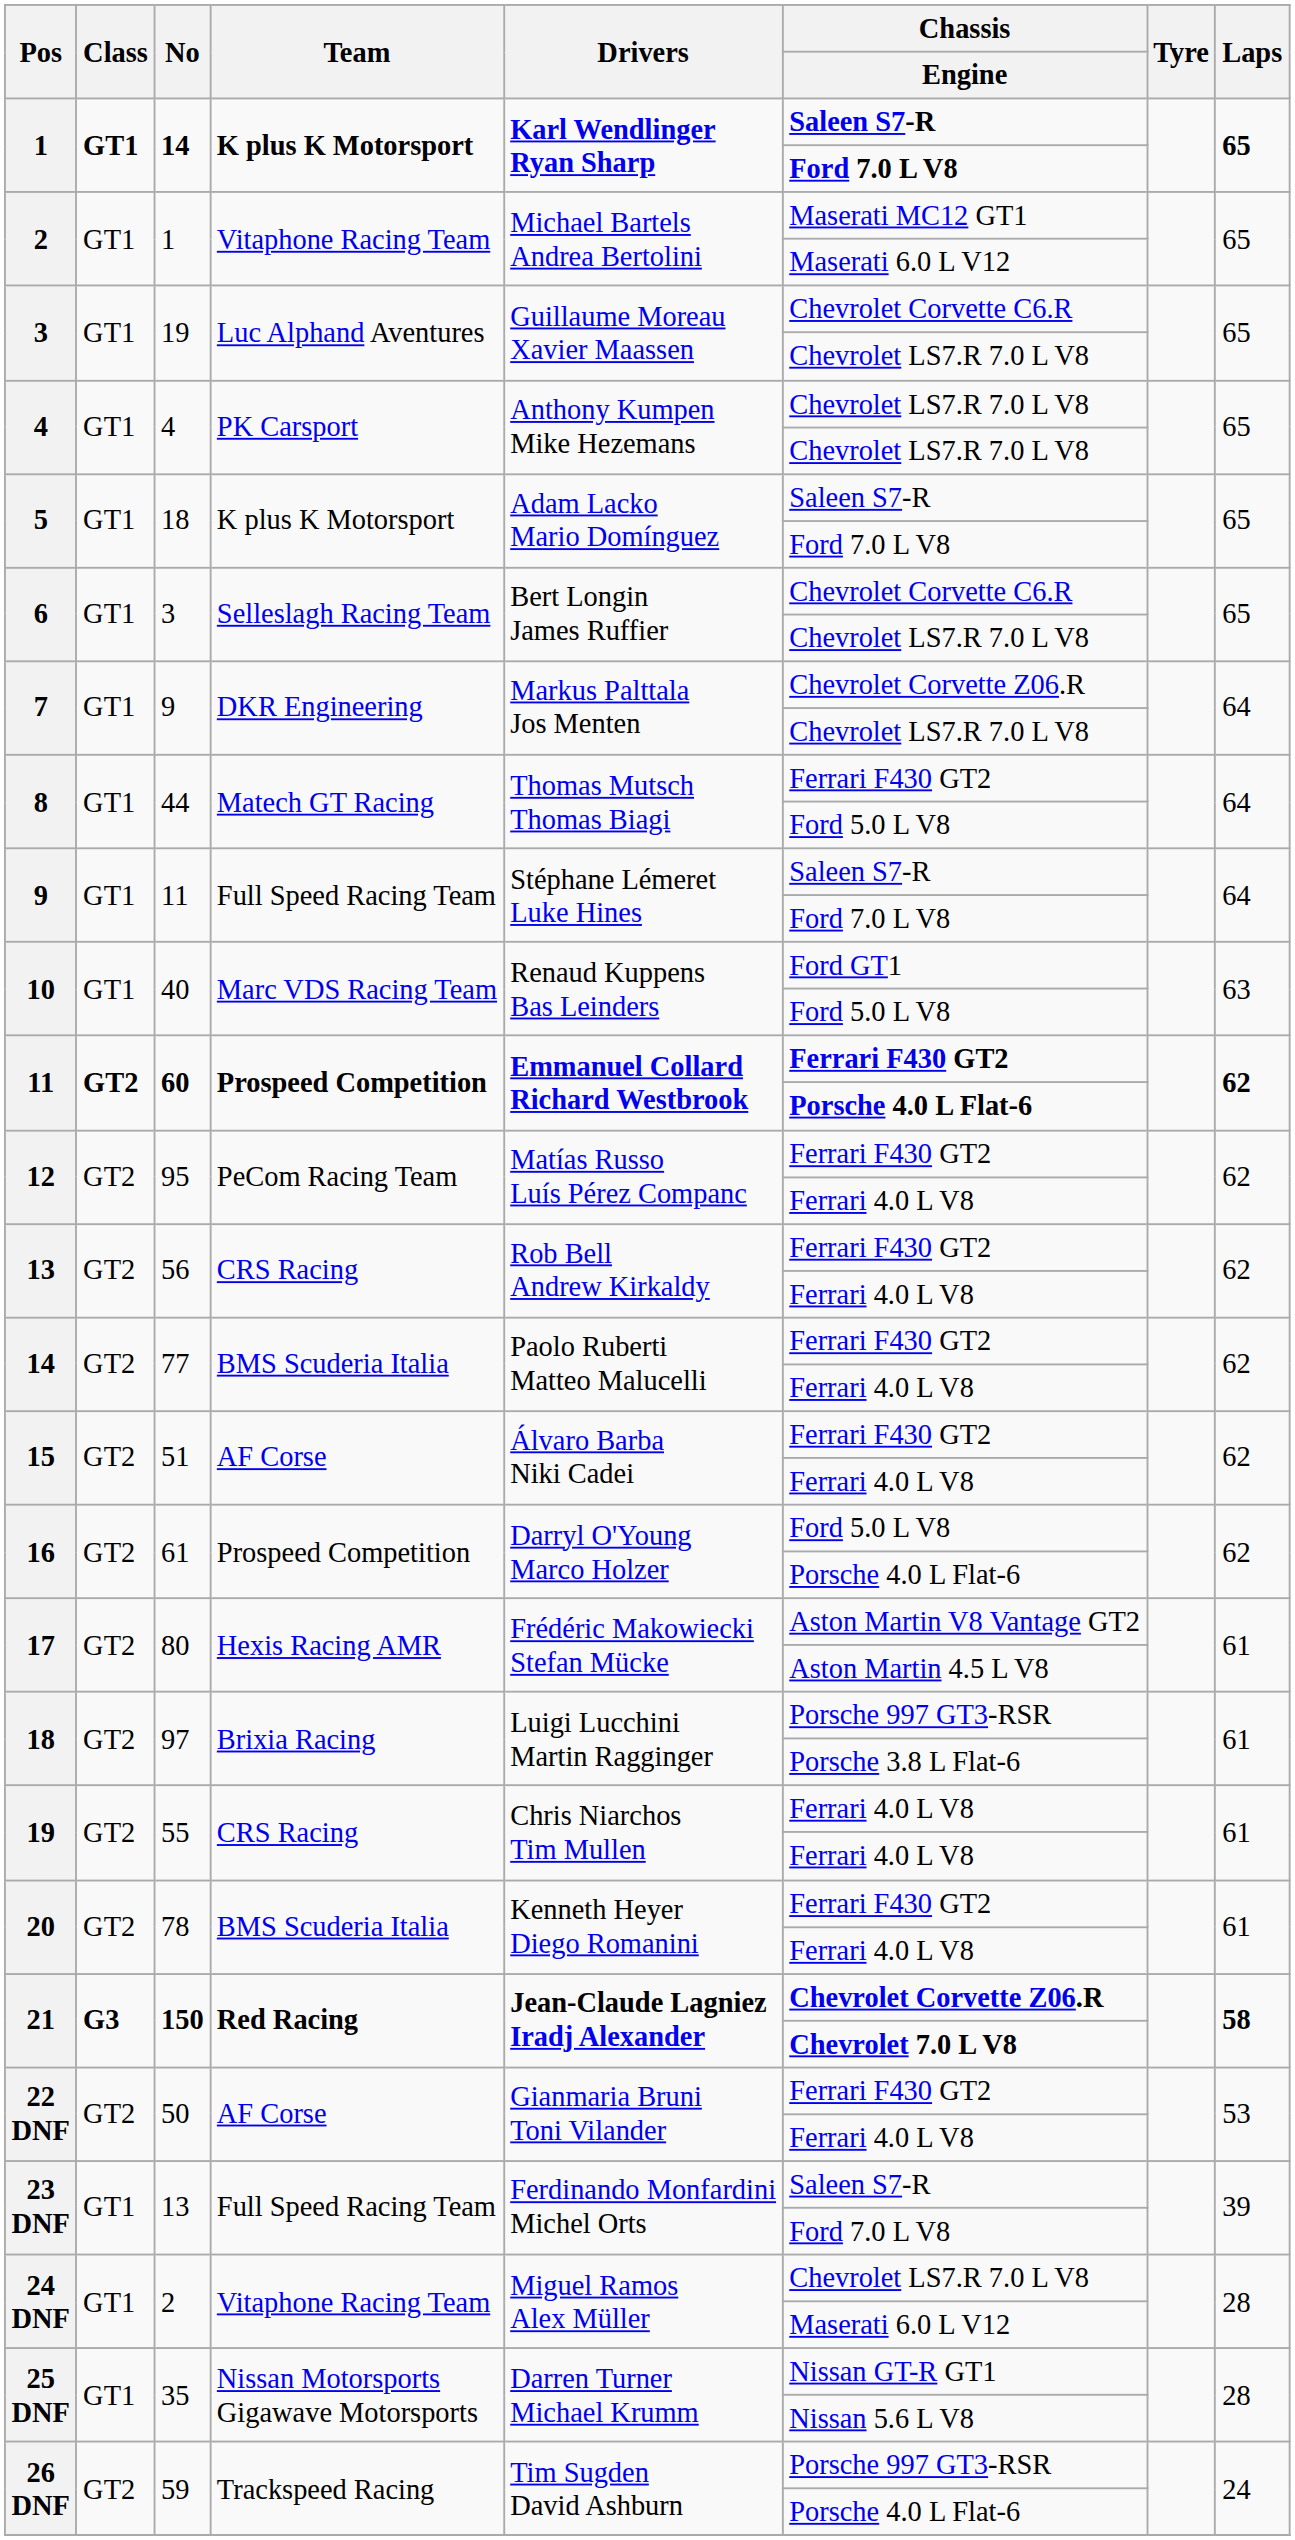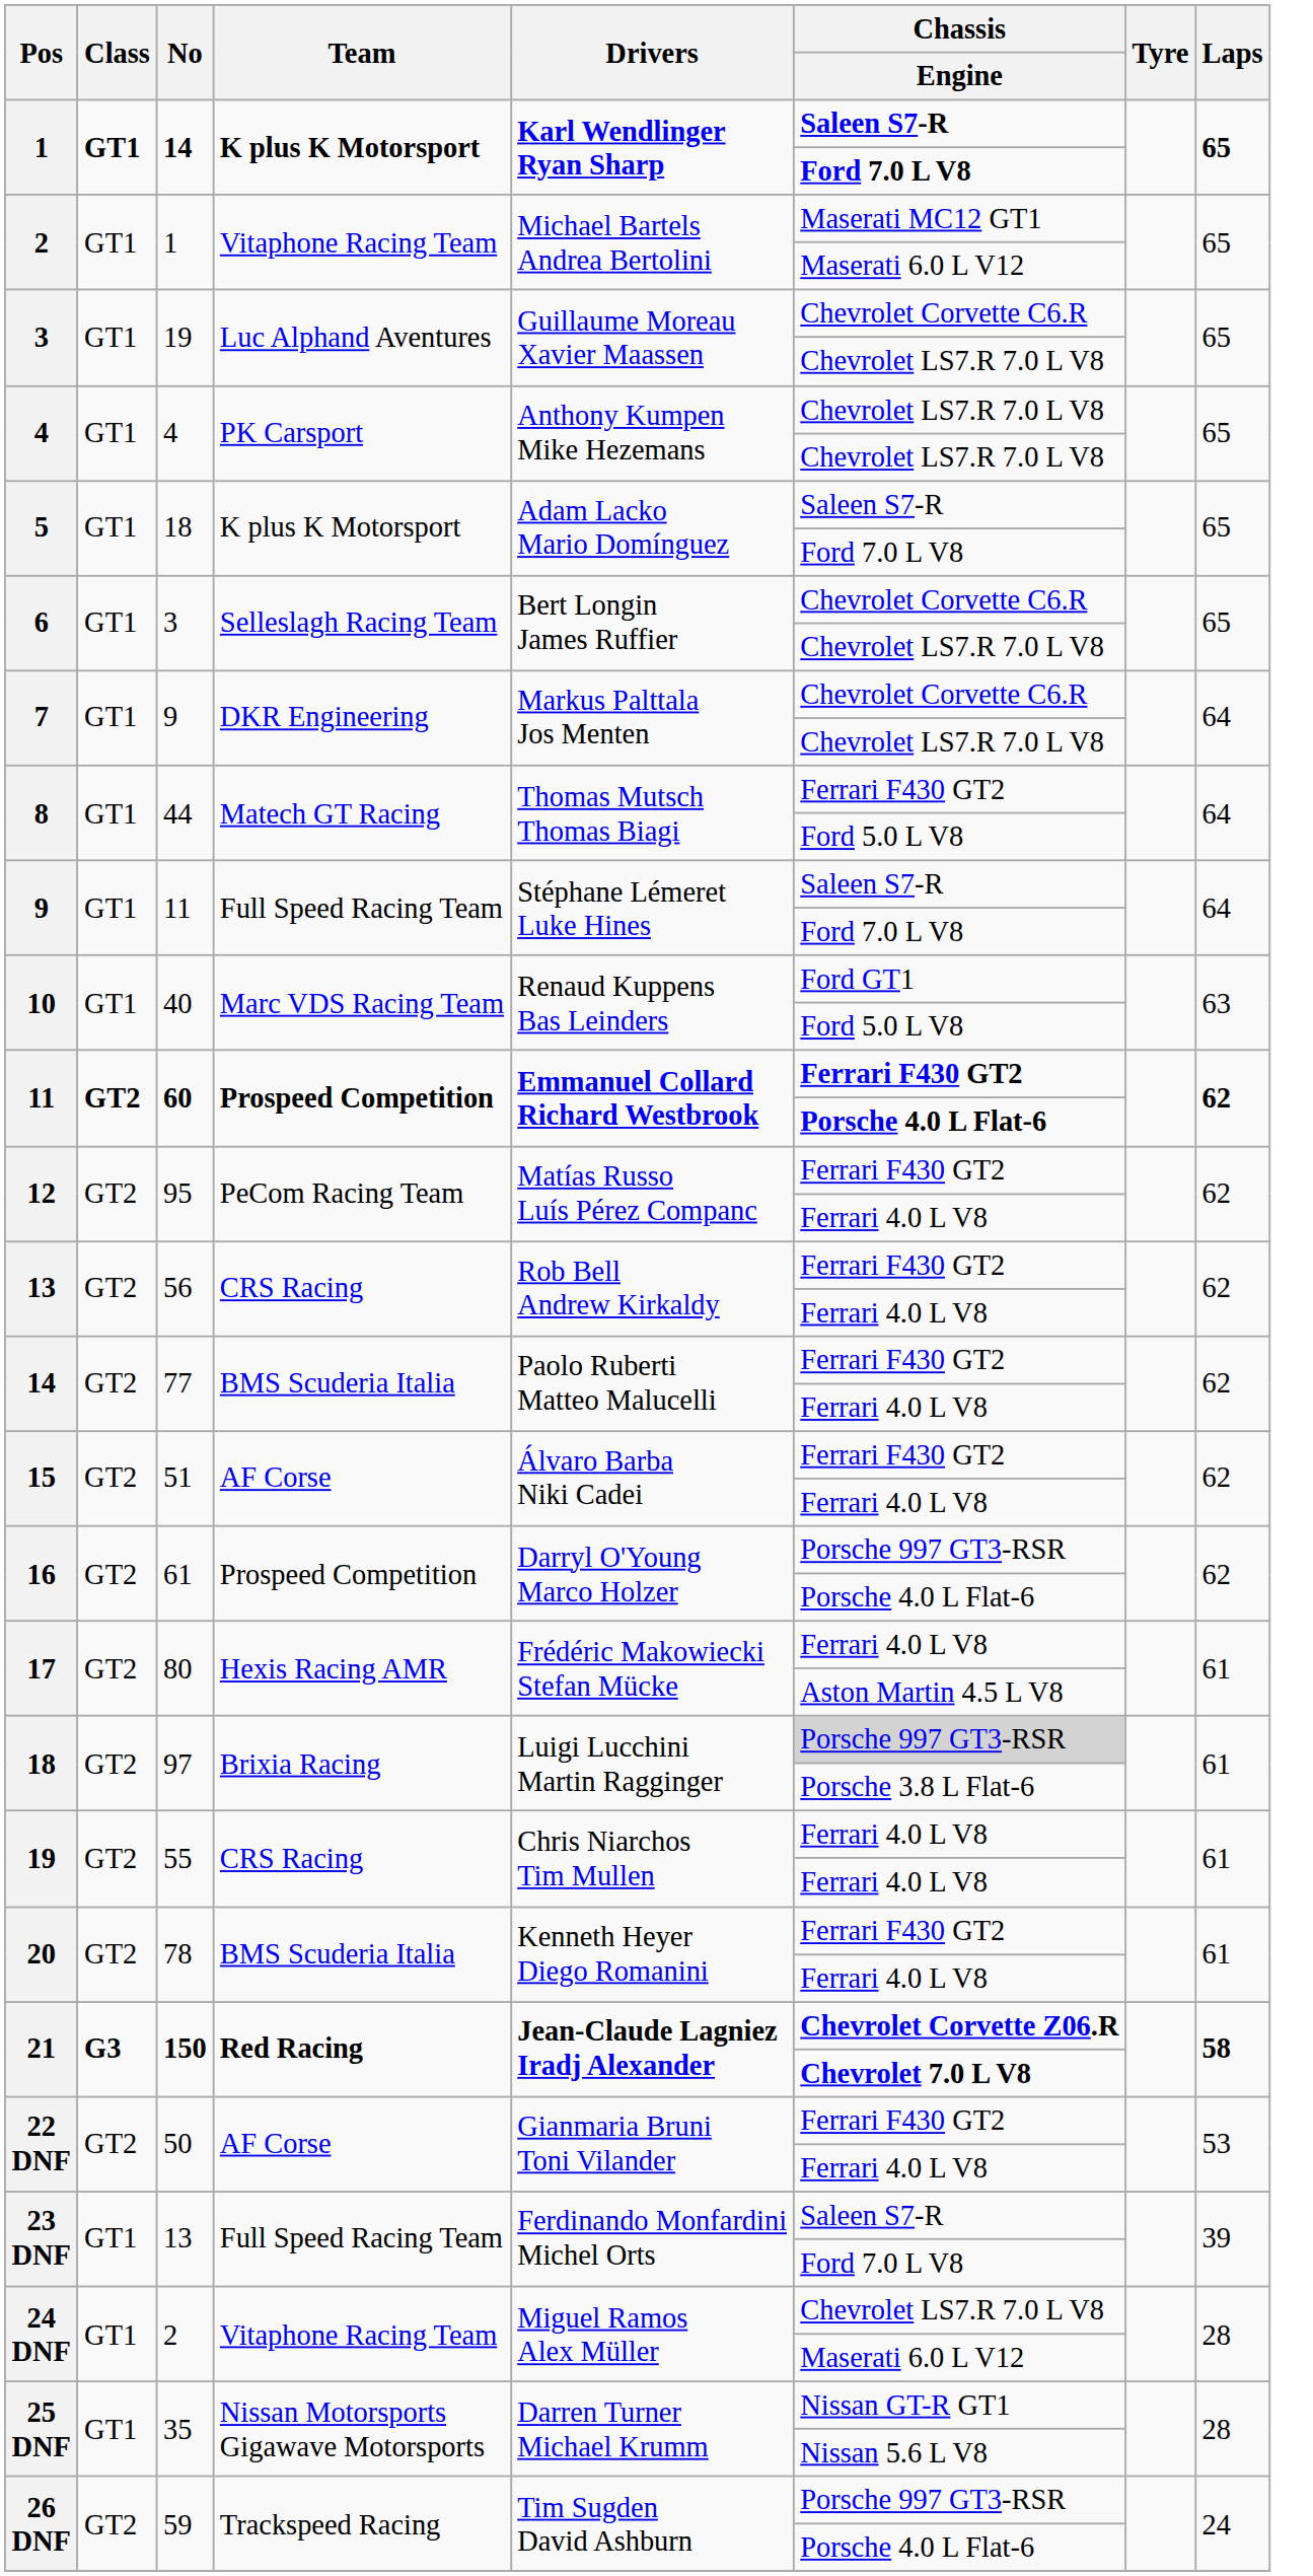 <table class="wikitable" style="font-size: 95%;">
 <tr>
 <th rowspan=2>Pos</th>
 <th rowspan=2>Class</th>
 <th rowspan=2>No</th>
 <th rowspan=2>Team</th>
 <th rowspan=2>Drivers</th>
 <th>Chassis</th>
 <th rowspan=2>Tyre</th>
 <th rowspan=2>Laps</th>
 </tr>
 <tr>
 <th>Engine</th>
 </tr>
 <tr style="font-weight:bold">
 <th rowspan=2>1</th>
 <td rowspan=2>GT1</td>
 <td rowspan=2>14</td>
 <td rowspan=2> K plus K Motorsport</td>
 <td rowspan=2> <a href='#'>Karl Wendlinger</a><br> <a href='#'>Ryan Sharp</a></td>
 <td><a href='#'>Saleen S7</a>-R</td>
 <td rowspan=2></td>
 <td rowspan=2>65</td>
 </tr>
 <tr style="font-weight:bold">
 <td><a href='#'>Ford</a> 7.0 L V8</td>
 </tr>
 <tr>
 <th rowspan=2>2</th>
 <td rowspan=2>GT1</td>
 <td rowspan=2>1</td>
 <td rowspan=2> <a href='#'>Vitaphone Racing Team</a></td>
 <td rowspan=2> <a href='#'>Michael Bartels</a><br> <a href='#'>Andrea Bertolini</a></td>
 <td><a href='#'>Maserati MC12</a> GT1</td>
 <td rowspan=2></td>
 <td rowspan=2>65</td>
 </tr>
 <tr>
 <td><a href='#'>Maserati</a> 6.0 L V12</td>
 </tr>
 <tr>
 <th rowspan=2>3</th>
 <td rowspan=2>GT1</td>
 <td rowspan=2>19</td>
 <td rowspan=2> <a href='#'>Luc Alphand</a> Aventures</td>
 <td rowspan=2> <a href='#'>Guillaume Moreau</a><br> <a href='#'>Xavier Maassen</a></td>
 <td><a href='#'>Chevrolet Corvette C6.R</a></td>
 <td rowspan=2></td>
 <td rowspan=2>65</td>
 </tr>
 <tr>
 <td><a href='#'>Chevrolet</a> LS7.R 7.0 L V8</td>
 </tr>
 <tr>
 <th rowspan=2>4</th>
 <td rowspan=2>GT1</td>
 <td rowspan=2>4</td>
 <td rowspan=2> <a href='#'>PK Carsport</a></td>
 <td rowspan=2> <a href='#'>Anthony Kumpen</a><br> Mike Hezemans</td>
 <td><a href='#'>Chevrolet</a> LS7.R 7.0 L V8</td>
 <td rowspan=2></td>
 <td rowspan=2>65</td>
 </tr>
 <tr>
 <td><a href='#'>Chevrolet</a> LS7.R 7.0 L V8</td>
 </tr>
 <tr>
 <th rowspan=2>5</th>
 <td rowspan=2>GT1</td>
 <td rowspan=2>18</td>
 <td rowspan=2> K plus K Motorsport</td>
 <td rowspan=2> <a href='#'>Adam Lacko</a><br> <a href='#'>Mario Domínguez</a></td>
 <td><a href='#'>Saleen S7</a>-R</td>
 <td rowspan=2></td>
 <td rowspan=2>65</td>
 </tr>
 <tr>
 <td><a href='#'>Ford</a> 7.0 L V8</td>
 </tr>
 <tr>
 <th rowspan=2>6</th>
 <td rowspan=2>GT1</td>
 <td rowspan=2>3</td>
 <td rowspan=2> <a href='#'>Selleslagh Racing Team</a></td>
 <td rowspan=2> Bert Longin<br> James Ruffier</td>
 <td><a href='#'>Chevrolet Corvette C6.R</a></td>
 <td rowspan=2></td>
 <td rowspan=2>65</td>
 </tr>
 <tr>
 <td><a href='#'>Chevrolet</a> LS7.R 7.0 L V8</td>
 </tr>
 <tr>
 <th rowspan=2>7</th>
 <td rowspan=2>GT1</td>
 <td rowspan=2>9</td>
 <td rowspan=2> <a href='#'>DKR Engineering</a></td>
 <td rowspan=2> <a href='#'>Markus Palttala</a><br> Jos Menten</td>
-<td><a href='#'>Chevrolet Corvette Z06</a>.R</td>
+<td><a href='#'>Chevrolet Corvette C6.R</a></td>
 <td rowspan=2></td>
 <td rowspan=2>64</td>
 </tr>
 <tr>
 <td><a href='#'>Chevrolet</a> LS7.R 7.0 L V8</td>
 </tr>
 <tr>
 <th rowspan=2>8</th>
 <td rowspan=2>GT1</td>
 <td rowspan=2>44</td>
 <td rowspan=2> <a href='#'>Matech GT Racing</a></td>
 <td rowspan=2> <a href='#'>Thomas Mutsch</a><br> <a href='#'>Thomas Biagi</a></td>
 <td><a href='#'>Ferrari F430</a> GT2</td>
 <td rowspan=2></td>
 <td rowspan=2>64</td>
 </tr>
 <tr>
 <td><a href='#'>Ford</a> 5.0 L V8</td>
 </tr>
 <tr>
 <th rowspan=2>9</th>
 <td rowspan=2>GT1</td>
 <td rowspan=2>11</td>
 <td rowspan=2> Full Speed Racing Team</td>
 <td rowspan=2> Stéphane Lémeret<br> <a href='#'>Luke Hines</a></td>
 <td><a href='#'>Saleen S7</a>-R</td>
 <td rowspan=2></td>
 <td rowspan=2>64</td>
 </tr>
 <tr>
 <td><a href='#'>Ford</a> 7.0 L V8</td>
 </tr>
 <tr>
 <th rowspan=2>10</th>
 <td rowspan=2>GT1</td>
 <td rowspan=2>40</td>
 <td rowspan=2> <a href='#'>Marc VDS Racing Team</a></td>
 <td rowspan=2> Renaud Kuppens<br> <a href='#'>Bas Leinders</a></td>
 <td><a href='#'>Ford GT</a>1</td>
 <td rowspan=2></td>
 <td rowspan=2>63</td>
 </tr>
 <tr>
 <td><a href='#'>Ford</a> 5.0 L V8</td>
 </tr>
 <tr style="font-weight:bold">
 <th rowspan=2>11</th>
 <td rowspan=2>GT2</td>
 <td rowspan=2>60</td>
 <td rowspan=2> Prospeed Competition</td>
 <td rowspan=2> <a href='#'>Emmanuel Collard</a><br> <a href='#'>Richard Westbrook</a></td>
 <td><a href='#'>Ferrari F430</a> GT2</td>
 <td rowspan=2></td>
 <td rowspan=2>62</td>
 </tr>
 <tr style="font-weight:bold">
 <td><a href='#'>Porsche</a> 4.0 L Flat-6</td>
 </tr>
 <tr>
 <th rowspan=2>12</th>
 <td rowspan=2>GT2</td>
 <td rowspan=2>95</td>
 <td rowspan=2> PeCom Racing Team</td>
 <td rowspan=2> <a href='#'>Matías Russo</a><br> <a href='#'>Luís Pérez Companc</a></td>
 <td><a href='#'>Ferrari F430</a> GT2</td>
 <td rowspan=2></td>
 <td rowspan=2>62</td>
 </tr>
 <tr>
 <td><a href='#'>Ferrari</a> 4.0 L V8</td>
 </tr>
 <tr>
 <th rowspan=2>13</th>
 <td rowspan=2>GT2</td>
 <td rowspan=2>56</td>
 <td rowspan=2> <a href='#'>CRS Racing</a></td>
 <td rowspan=2> <a href='#'>Rob Bell</a><br> <a href='#'>Andrew Kirkaldy</a></td>
 <td><a href='#'>Ferrari F430</a> GT2</td>
 <td rowspan=2></td>
 <td rowspan=2>62</td>
 </tr>
 <tr>
 <td><a href='#'>Ferrari</a> 4.0 L V8</td>
 </tr>
 <tr>
 <th rowspan=2>14</th>
 <td rowspan=2>GT2</td>
 <td rowspan=2>77</td>
 <td rowspan=2> <a href='#'>BMS Scuderia Italia</a></td>
 <td rowspan=2> Paolo Ruberti<br> Matteo Malucelli</td>
 <td><a href='#'>Ferrari F430</a> GT2</td>
 <td rowspan=2></td>
 <td rowspan=2>62</td>
 </tr>
 <tr>
 <td><a href='#'>Ferrari</a> 4.0 L V8</td>
 </tr>
 <tr>
 <th rowspan=2>15</th>
 <td rowspan=2>GT2</td>
 <td rowspan=2>51</td>
 <td rowspan=2> <a href='#'>AF Corse</a></td>
 <td rowspan=2> <a href='#'>Álvaro Barba</a><br> Niki Cadei</td>
 <td><a href='#'>Ferrari F430</a> GT2</td>
 <td rowspan=2></td>
 <td rowspan=2>62</td>
 </tr>
 <tr>
 <td><a href='#'>Ferrari</a> 4.0 L V8</td>
 </tr>
 <tr>
 <th rowspan=2>16</th>
 <td rowspan=2>GT2</td>
 <td rowspan=2>61</td>
 <td rowspan=2> Prospeed Competition</td>
 <td rowspan=2> <a href='#'>Darryl O'Young</a><br> <a href='#'>Marco Holzer</a></td>
-<td><a href='#'>Ford</a> 5.0 L V8</td>
+<td><a href='#'>Porsche 997 GT3</a>-RSR</td>
 <td rowspan=2></td>
 <td rowspan=2>62</td>
 </tr>
 <tr>
 <td><a href='#'>Porsche</a> 4.0 L Flat-6</td>
 </tr>
 <tr>
 <th rowspan=2>17</th>
 <td rowspan=2>GT2</td>
 <td rowspan=2>80</td>
 <td rowspan=2> <a href='#'>Hexis Racing AMR</a></td>
 <td rowspan=2> <a href='#'>Frédéric Makowiecki</a><br> <a href='#'>Stefan Mücke</a></td>
-<td><a href='#'>Aston Martin V8 Vantage</a> GT2</td>
+<td><a href='#'>Ferrari</a> 4.0 L V8</td>
 <td rowspan=2></td>
 <td rowspan=2>61</td>
 </tr>
 <tr>
 <td><a href='#'>Aston Martin</a> 4.5 L V8</td>
 </tr>
 <tr>
 <th rowspan=2>18</th>
 <td rowspan=2>GT2</td>
 <td rowspan=2>97</td>
 <td rowspan=2> <a href='#'>Brixia Racing</a></td>
 <td rowspan=2> Luigi Lucchini<br> Martin Ragginger</td>
-<td><a href='#'>Porsche 997 GT3</a>-RSR</td>
+<td style="background: lightgrey;"><a href='#'>Porsche 997 GT3</a>-RSR</td>
 <td rowspan=2></td>
 <td rowspan=2>61</td>
 </tr>
 <tr>
 <td><a href='#'>Porsche</a> 3.8 L Flat-6</td>
 </tr>
 <tr>
 <th rowspan=2>19</th>
 <td rowspan=2>GT2</td>
 <td rowspan=2>55</td>
 <td rowspan=2> <a href='#'>CRS Racing</a></td>
 <td rowspan=2> Chris Niarchos<br> <a href='#'>Tim Mullen</a></td>
 <td><a href='#'>Ferrari</a> 4.0 L V8</td>
 <td rowspan=2></td>
 <td rowspan=2>61</td>
 </tr>
 <tr>
 <td><a href='#'>Ferrari</a> 4.0 L V8</td>
 </tr>
 <tr>
 <th rowspan=2>20</th>
 <td rowspan=2>GT2</td>
 <td rowspan=2>78</td>
 <td rowspan=2> <a href='#'>BMS Scuderia Italia</a></td>
 <td rowspan=2> Kenneth Heyer<br> <a href='#'>Diego Romanini</a></td>
 <td><a href='#'>Ferrari F430</a> GT2</td>
 <td rowspan=2></td>
 <td rowspan=2>61</td>
 </tr>
 <tr>
 <td><a href='#'>Ferrari</a> 4.0 L V8</td>
 </tr>
 <tr style="font-weight:bold">
 <th rowspan=2>21</th>
 <td rowspan=2>G3</td>
 <td rowspan=2>150</td>
 <td rowspan=2> Red Racing</td>
 <td rowspan=2> Jean-Claude Lagniez<br> <a href='#'>Iradj Alexander</a></td>
 <td><a href='#'>Chevrolet Corvette Z06</a>.R</td>
 <td rowspan=2></td>
 <td rowspan=2>58</td>
 </tr>
 <tr style="font-weight:bold">
 <td><a href='#'>Chevrolet</a> 7.0 L V8</td>
 </tr>
 <tr>
 <th rowspan=2>22<br>DNF</th>
 <td rowspan=2>GT2</td>
 <td rowspan=2>50</td>
 <td rowspan=2> <a href='#'>AF Corse</a></td>
 <td rowspan=2> <a href='#'>Gianmaria Bruni</a><br> <a href='#'>Toni Vilander</a></td>
 <td><a href='#'>Ferrari F430</a> GT2</td>
 <td rowspan=2></td>
 <td rowspan=2>53</td>
 </tr>
 <tr>
 <td><a href='#'>Ferrari</a> 4.0 L V8</td>
 </tr>
 <tr>
 <th rowspan=2>23<br>DNF</th>
 <td rowspan=2>GT1</td>
 <td rowspan=2>13</td>
 <td rowspan=2> Full Speed Racing Team</td>
 <td rowspan=2> <a href='#'>Ferdinando Monfardini</a><br> Michel Orts</td>
 <td><a href='#'>Saleen S7</a>-R</td>
 <td rowspan=2></td>
 <td rowspan=2>39</td>
 </tr>
 <tr>
 <td><a href='#'>Ford</a> 7.0 L V8</td>
 </tr>
 <tr>
 <th rowspan=2>24<br>DNF</th>
 <td rowspan=2>GT1</td>
 <td rowspan=2>2</td>
 <td rowspan=2> <a href='#'>Vitaphone Racing Team</a></td>
 <td rowspan=2> <a href='#'>Miguel Ramos</a><br> <a href='#'>Alex Müller</a></td>
 <td><a href='#'>Chevrolet</a> LS7.R 7.0 L V8</td>
 <td rowspan=2></td>
 <td rowspan=2>28</td>
 </tr>
 <tr>
 <td><a href='#'>Maserati</a> 6.0 L V12</td>
 </tr>
 <tr>
 <th rowspan=2>25<br>DNF</th>
 <td rowspan=2>GT1</td>
 <td rowspan=2>35</td>
 <td rowspan=2> <a href='#'>Nissan Motorsports</a><br> Gigawave Motorsports</td>
 <td rowspan=2> <a href='#'>Darren Turner</a><br> <a href='#'>Michael Krumm</a></td>
 <td><a href='#'>Nissan GT-R</a> GT1</td>
 <td rowspan=2></td>
 <td rowspan=2>28</td>
 </tr>
 <tr>
 <td><a href='#'>Nissan</a> 5.6 L V8</td>
 </tr>
 <tr>
 <th rowspan=2>26<br>DNF</th>
 <td rowspan=2>GT2</td>
 <td rowspan=2>59</td>
 <td rowspan=2> Trackspeed Racing</td>
 <td rowspan=2> <a href='#'>Tim Sugden</a><br> David Ashburn</td>
 <td><a href='#'>Porsche 997 GT3</a>-RSR</td>
 <td rowspan=2></td>
 <td rowspan=2>24</td>
 </tr>
 <tr>
 <td><a href='#'>Porsche</a> 4.0 L Flat-6</td>
 </tr>
 <tr>
 </tr>
 </table>
